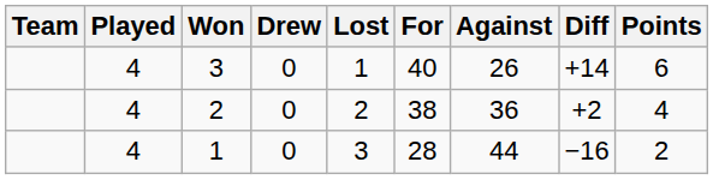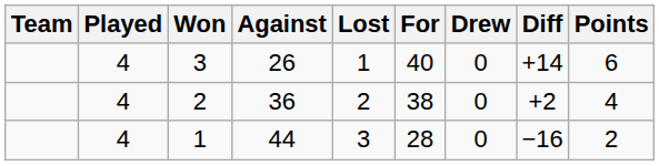 <table class="wikitable" style="text-align:center">
 <tr>
 <th>Team</th>
 <th>Played</th>
 <th>Won</th>
-<th>Drew</th>
+<th>Against</th>
 <th>Lost</th>
 <th>For</th>
-<th>Against</th>
+<th>Drew</th>
 <th>Diff</th>
 <th>Points</th>
 </tr>
 <tr>
 <td align=left></td>
 <td>4</td>
 <td>3</td>
-<td>0</td>
+<td>26</td>
 <td>1</td>
 <td>40</td>
-<td>26</td>
+<td>0</td>
 <td>+14</td>
 <td>6</td>
 </tr>
 <tr>
 <td align=left></td>
 <td>4</td>
 <td>2</td>
-<td>0</td>
+<td>36</td>
 <td>2</td>
 <td>38</td>
-<td>36</td>
+<td>0</td>
 <td>+2</td>
 <td>4</td>
 </tr>
 <tr>
 <td align=left></td>
 <td>4</td>
 <td>1</td>
-<td>0</td>
+<td>44</td>
 <td>3</td>
 <td>28</td>
-<td>44</td>
+<td>0</td>
 <td>−16</td>
 <td>2</td>
 </tr>
 </table>
